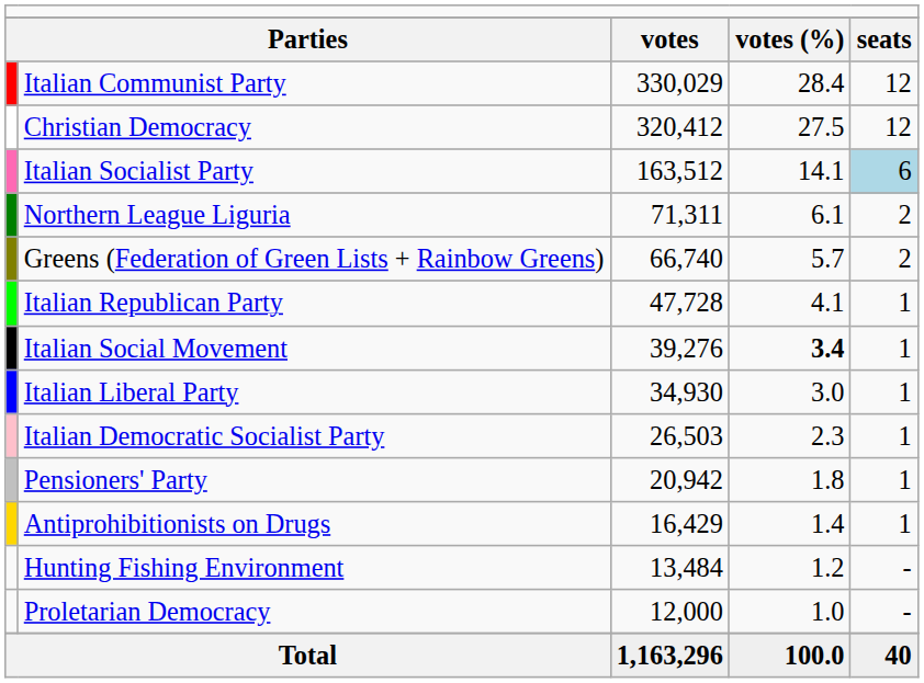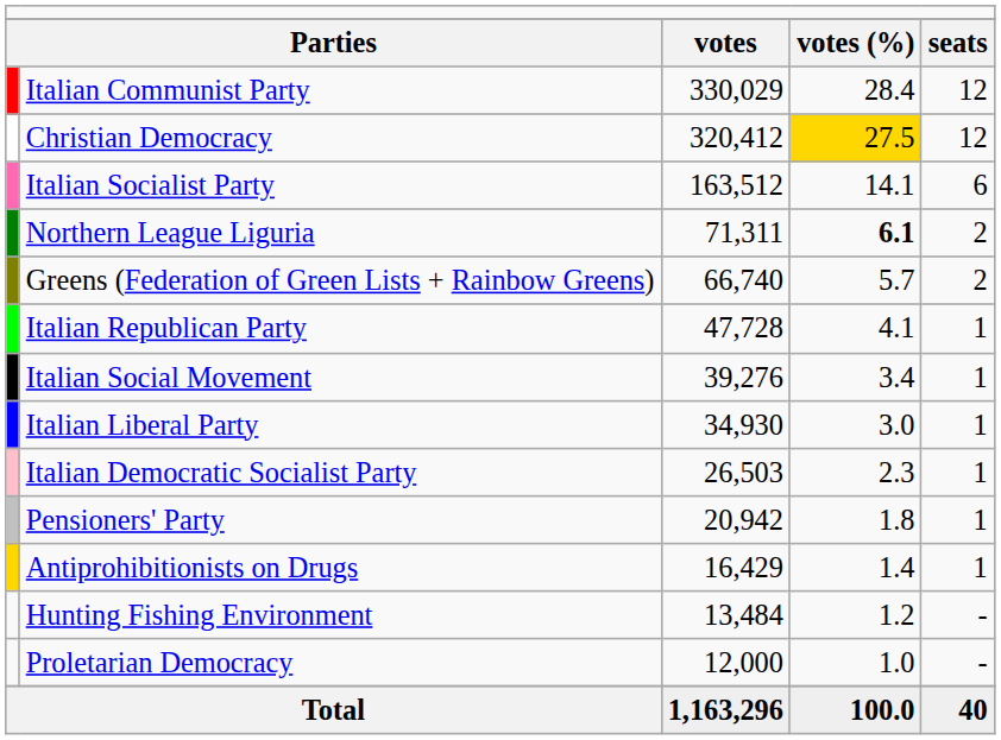 <table class="wikitable" style="font-size:95%">
 <tr>
 <td colspan=5 align=center></td>
 </tr>
 <tr>
 </tr>
 <tr bgcolor="EFEFEF">
 <th colspan=2>Parties</th>
 <th>votes</th>
 <th>votes (%)</th>
 <th>seats</th>
 </tr>
 <tr>
 <td bgcolor=red></td>
 <td><a href='#'>Italian Communist Party</a></td>
 <td align=right>330,029</td>
 <td align=right>28.4</td>
 <td align=right>12</td>
 </tr>
 <tr>
 <td bgcolor=white></td>
 <td><a href='#'>Christian Democracy</a></td>
 <td align=right>320,412</td>
-<td align=right>27.5</td>
+<td align=right style="background: gold;">27.5</td>
 <td align=right>12</td>
 </tr>
 <tr>
 <td bgcolor=hotpink></td>
 <td><a href='#'>Italian Socialist Party</a></td>
 <td align=right>163,512</td>
 <td align=right>14.1</td>
-<td align=right style="background: lightblue;">6</td>
+<td align=right>6</td>
 </tr>
 <tr>
 <td bgcolor=green></td>
 <td><a href='#'>Northern League Liguria</a></td>
 <td align=right>71,311</td>
-<td align=right>6.1</td>
+<td align=right><strong>6.1</strong></td>
 <td align=right>2</td>
 </tr>
 <tr>
 <td bgcolor=olive></td>
 <td>Greens (<a href='#'>Federation of Green Lists</a> + <a href='#'>Rainbow Greens</a>)</td>
 <td align=right>66,740</td>
 <td align=right>5.7</td>
 <td align=right>2</td>
 </tr>
 <tr>
 <td bgcolor=lime></td>
 <td><a href='#'>Italian Republican Party</a></td>
 <td align=right>47,728</td>
 <td align=right>4.1</td>
 <td align=right>1</td>
 </tr>
 <tr>
 <td bgcolor=black></td>
 <td><a href='#'>Italian Social Movement</a></td>
 <td align=right>39,276</td>
-<td align=right><strong>3.4</strong></td>
+<td align=right>3.4</td>
 <td align=right>1</td>
 </tr>
 <tr>
 <td bgcolor=Blue></td>
 <td><a href='#'>Italian Liberal Party</a></td>
 <td align=right>34,930</td>
 <td align=right>3.0</td>
 <td align=right>1</td>
 </tr>
 <tr>
 <td bgcolor=Pink></td>
 <td><a href='#'>Italian Democratic Socialist Party</a></td>
 <td align=right>26,503</td>
 <td align=right>2.3</td>
 <td align=right>1</td>
 </tr>
 <tr>
 <td bgcolor=Silver></td>
 <td><a href='#'>Pensioners' Party</a></td>
 <td align=right>20,942</td>
 <td align=right>1.8</td>
 <td align=right>1</td>
 </tr>
 <tr>
 <td bgcolor=Gold></td>
 <td><a href='#'>Antiprohibitionists on Drugs</a></td>
 <td align=right>16,429</td>
 <td align=right>1.4</td>
 <td align=right>1</td>
 </tr>
 <tr>
 <td></td>
 <td><a href='#'>Hunting Fishing Environment</a></td>
 <td align=right>13,484</td>
 <td align=right>1.2</td>
 <td align=right>-</td>
 </tr>
 <tr>
 <td></td>
 <td><a href='#'>Proletarian Democracy</a></td>
 <td align=right>12,000</td>
 <td align=right>1.0</td>
 <td align=right>-</td>
 </tr>
 <tr>
 </tr>
 <tr bgcolor="EFEFEF">
 <th colspan=2><strong>Total</strong></th>
 <td align=right><strong>1,163,296</strong></td>
 <td align=right><strong>100.0</strong></td>
 <td align=right><strong>40</strong></td>
 </tr>
 </table>
